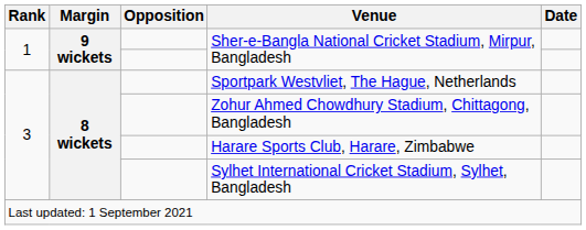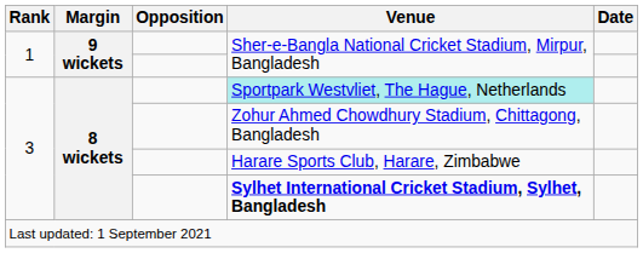 <table class="wikitable plainrowheaders sortable">
 <tr>
 <th scope=col>Rank</th>
 <th scope=col>Margin</th>
 <th scope=col>Opposition</th>
 <th scope=col>Venue</th>
 <th scope=col>Date</th>
 </tr>
 <tr>
 <td align=center rowspan=2>1</td>
 <th scope=row style=text-align:center rowspan=2>9 wickets</th>
 <td></td>
 <td rowspan=2><a href='#'>Sher-e-Bangla National Cricket Stadium</a>, <a href='#'>Mirpur</a>, Bangladesh</td>
 <td> </td>
 </tr>
 <tr>
 <td></td>
 <td></td>
 </tr>
 <tr>
 <td align=center rowspan=4>3</td>
 <th scope=row style=text-align:center rowspan=4>8 wickets</th>
 <td></td>
-<td><a href='#'>Sportpark Westvliet</a>, <a href='#'>The Hague</a>, Netherlands</td>
+<td style="background: paleturquoise;"><a href='#'>Sportpark Westvliet</a>, <a href='#'>The Hague</a>, Netherlands</td>
 <td></td>
 </tr>
 <tr>
 <td></td>
 <td><a href='#'>Zohur Ahmed Chowdhury Stadium</a>, <a href='#'>Chittagong</a>, Bangladesh</td>
 <td> </td>
 </tr>
 <tr>
 <td></td>
 <td><a href='#'>Harare Sports Club</a>, <a href='#'>Harare</a>, Zimbabwe</td>
 <td></td>
 </tr>
 <tr>
 <td></td>
-<td><a href='#'>Sylhet International Cricket Stadium</a>, <a href='#'>Sylhet</a>, Bangladesh</td>
+<td><strong><a href='#'>Sylhet International Cricket Stadium</a>, <a href='#'>Sylhet</a>, Bangladesh</strong></td>
 <td></td>
 </tr>
 <tr class=sortbottom>
 <td colspan=5><small>Last updated: 1 September 2021</small></td>
 </tr>
 </table>
